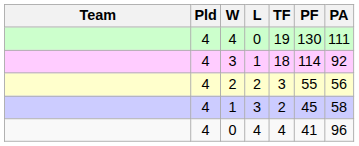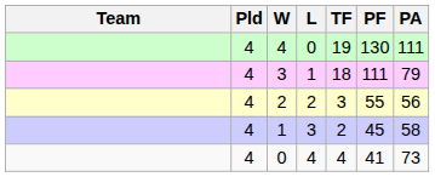 <table class="wikitable" style="text-align:center">
 <tr>
 <th width="200">Team</th>
 <th width="20">Pld</th>
 <th width="20">W</th>
 <th width="20">L</th>
 <th width="20">TF</th>
 <th width="20">PF</th>
 <th width="20">PA</th>
 </tr>
 <tr style="background:#cfc">
 <td align=left></td>
 <td>4</td>
 <td>4</td>
 <td>0</td>
 <td>19</td>
 <td>130</td>
 <td>111</td>
 </tr>
 <tr style="background:#ffccff">
 <td align=left></td>
 <td>4</td>
 <td>3</td>
 <td>1</td>
 <td>18</td>
-<td>114</td>
-<td>92</td>
+<td>111</td>
+<td>79</td>
 </tr>
 <tr style="background:#ffc">
 <td align=left></td>
 <td>4</td>
 <td>2</td>
 <td>2</td>
 <td>3</td>
 <td>55</td>
 <td>56</td>
 </tr>
 <tr bgcolor=ccccff>
 <td align=left></td>
 <td>4</td>
 <td>1</td>
 <td>3</td>
 <td>2</td>
 <td>45</td>
 <td>58</td>
 </tr>
 <tr>
 <td align=left></td>
 <td>4</td>
 <td>0</td>
 <td>4</td>
 <td>4</td>
 <td>41</td>
-<td>96</td>
+<td>73</td>
 </tr>
 </table>
